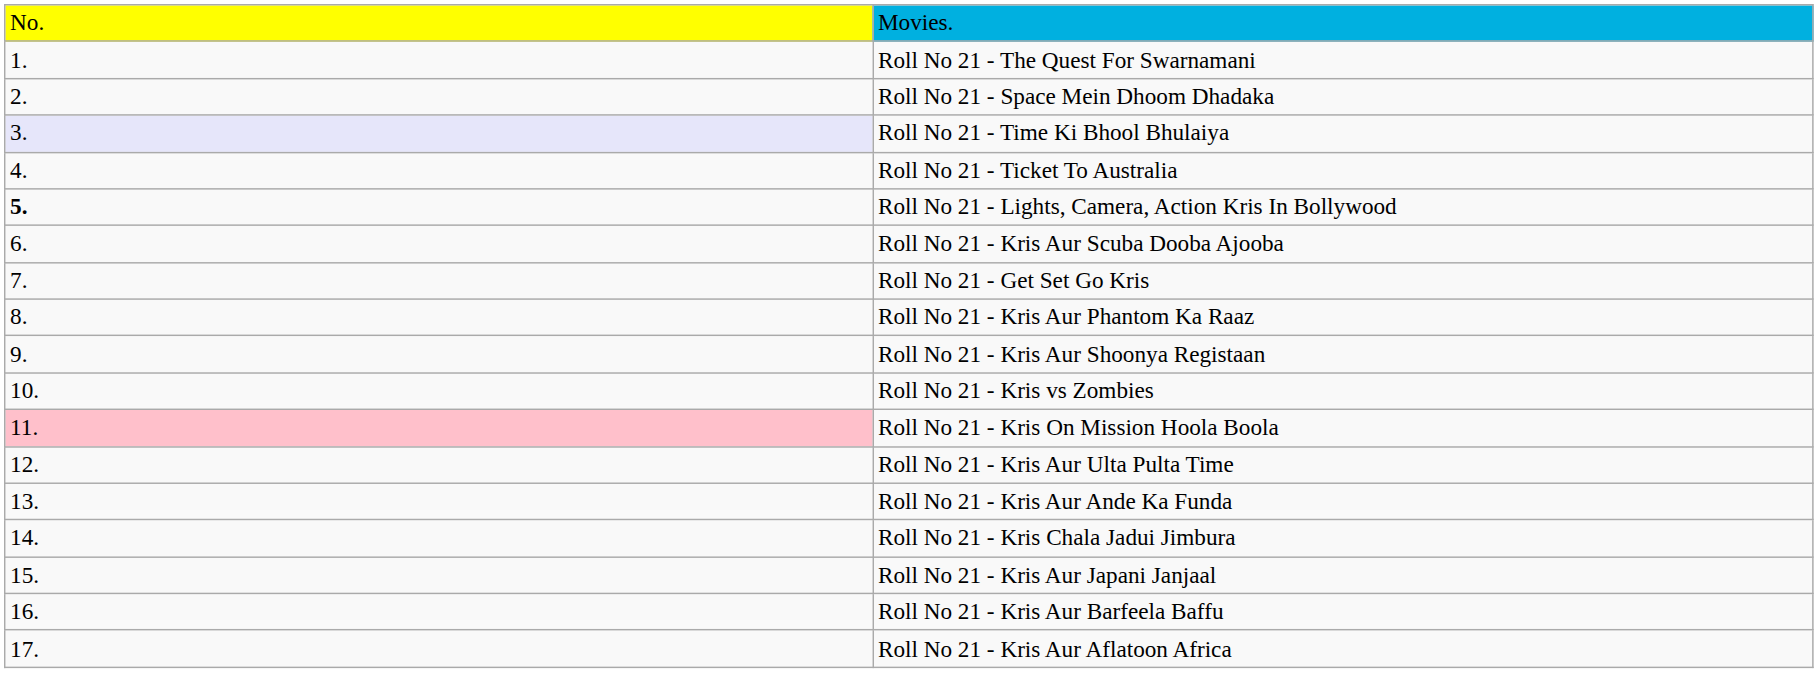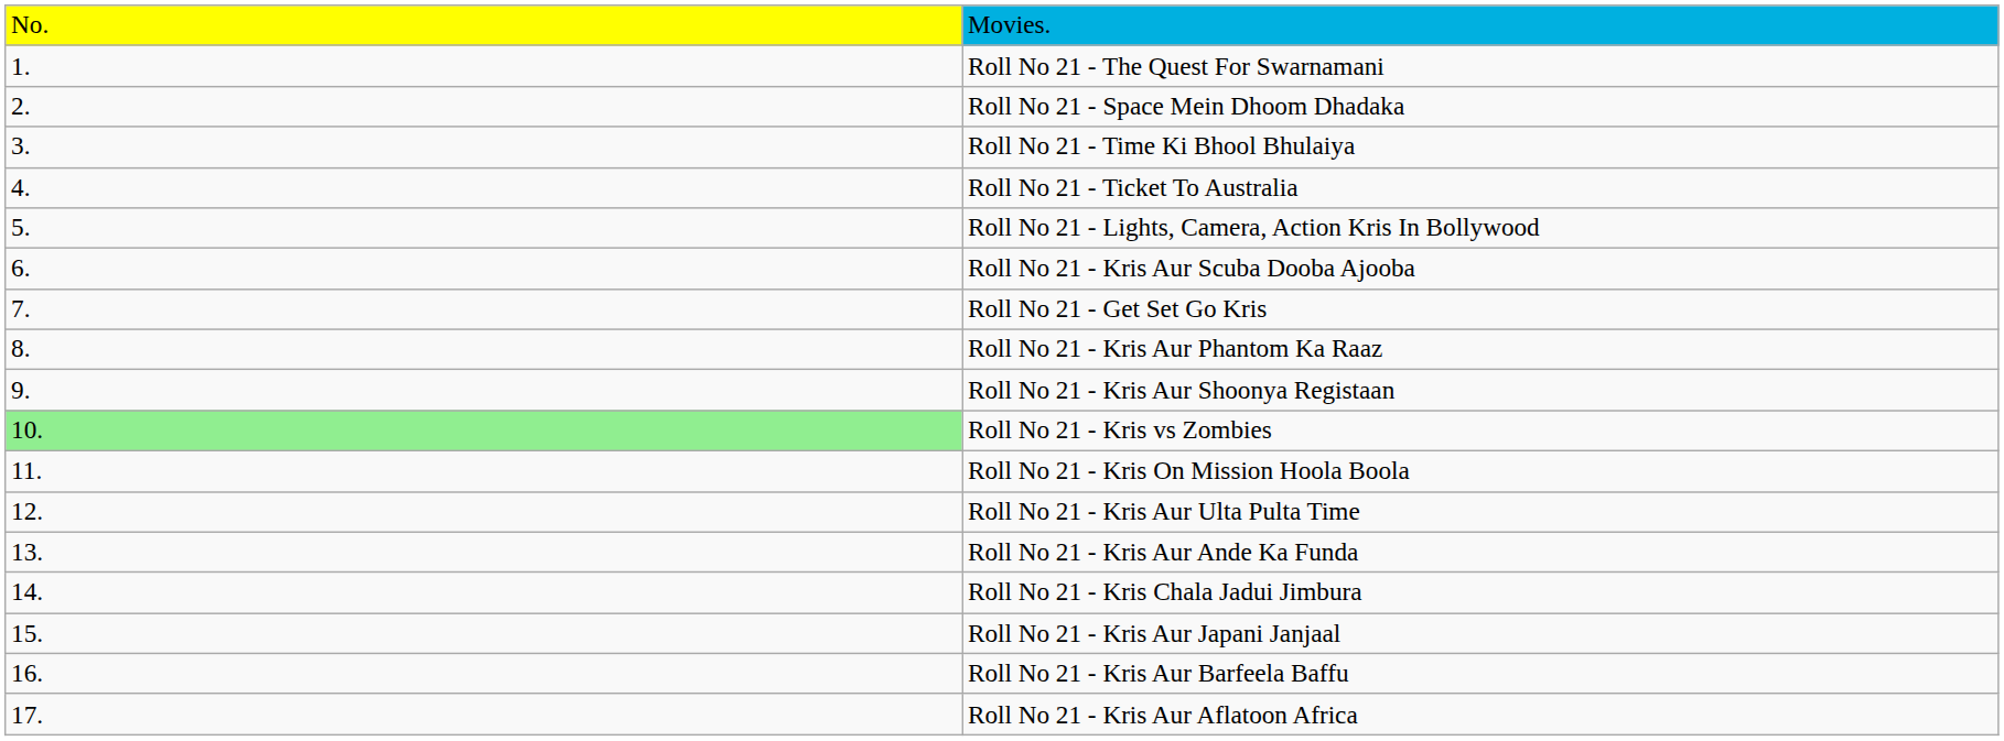 <table class="wikitable">
 <tr>
 <td bgcolor="Yellow" style="width:3%;">No.</td>
 <td bgcolor="sky blue" style="width:3%;">Movies.</td>
 </tr>
 <tr>
 <td>1.</td>
 <td>Roll No 21 - The Quest For Swarnamani</td>
 </tr>
 <tr>
 <td>2.</td>
 <td>Roll No 21 - Space Mein Dhoom Dhadaka</td>
 </tr>
 <tr>
-<td style="background: lavender;">3.</td>
+<td>3.</td>
 <td>Roll No 21 - Time Ki Bhool Bhulaiya</td>
 </tr>
 <tr>
 <td>4.</td>
 <td>Roll No 21 - Ticket To Australia </td>
 </tr>
 <tr>
-<td><strong>5.</strong></td>
+<td>5.</td>
 <td>Roll No 21 - Lights, Camera, Action Kris In Bollywood</td>
 </tr>
 <tr>
 <td>6.</td>
 <td>Roll No 21 - Kris Aur Scuba Dooba Ajooba</td>
 </tr>
 <tr>
 <td>7.</td>
 <td>Roll No 21 - Get Set Go Kris</td>
 </tr>
 <tr>
 <td>8.</td>
 <td>Roll No 21 - Kris Aur Phantom Ka Raaz </td>
 </tr>
 <tr>
 <td>9.</td>
 <td>Roll No 21 - Kris Aur Shoonya Registaan</td>
 </tr>
 <tr>
-<td>10.</td>
+<td style="background: lightgreen;">10.</td>
 <td>Roll No 21 - Kris vs Zombies</td>
 </tr>
 <tr>
-<td style="background: pink;">11.</td>
+<td>11.</td>
 <td>Roll No 21 - Kris On Mission Hoola Boola</td>
 </tr>
 <tr>
 <td>12.</td>
 <td>Roll No 21 - Kris Aur Ulta Pulta Time</td>
 </tr>
 <tr>
 <td>13.</td>
 <td>Roll No 21 - Kris Aur Ande Ka Funda</td>
 </tr>
 <tr>
 <td>14.</td>
 <td>Roll No 21 - Kris Chala Jadui Jimbura</td>
 </tr>
 <tr>
 <td>15.</td>
 <td>Roll No 21 - Kris Aur Japani Janjaal</td>
 </tr>
 <tr>
 <td>16.</td>
 <td>Roll No 21 - Kris Aur Barfeela Baffu</td>
 </tr>
 <tr>
 <td>17.</td>
 <td>Roll No 21 - Kris Aur Aflatoon Africa</td>
 </tr>
 </table>
